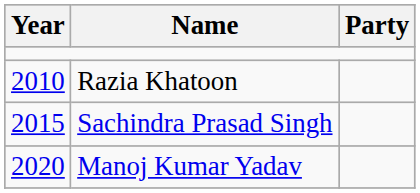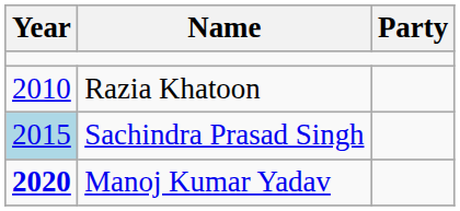 <table class="wikitable sortable">
 <tr>
 <th>Year</th>
 <th>Name</th>
 <th colspan="2">Party</th>
 </tr>
 <tr>
 <td colspan="4"></td>
 </tr>
 <tr>
 <td><a href='#'>2010</a></td>
 <td>Razia Khatoon</td>
 <td></td>
 </tr>
 <tr>
-<td><a href='#'>2015</a></td>
+<td style="background: lightblue;"><a href='#'>2015</a></td>
 <td><a href='#'>Sachindra Prasad Singh</a></td>
 <td></td>
 </tr>
 <tr>
-<td><a href='#'>2020</a></td>
+<td><strong><a href='#'>2020</a></strong></td>
 <td><a href='#'>Manoj Kumar Yadav</a></td>
 <td></td>
 </tr>
 </table>
